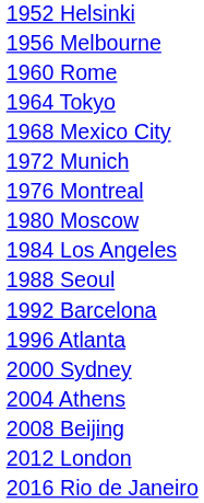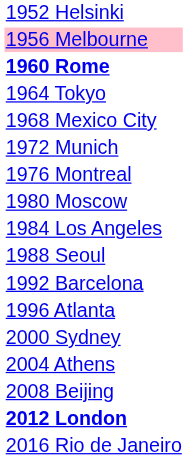 <table>
 <tr valign="top">
 <td><a href='#'>1952 Helsinki</a><br></td>
 <td></td>
 <td></td>
 <td><br></td>
 </tr>
 <tr valign="top">
-<td><a href='#'>1956 Melbourne</a><br></td>
+<td style="background: pink;"><a href='#'>1956 Melbourne</a><br></td>
 <td></td>
 <td></td>
 <td><br></td>
 </tr>
 <tr valign="top">
-<td><a href='#'>1960 Rome</a><br></td>
+<td><strong><a href='#'>1960 Rome</a><br></strong></td>
 <td></td>
 <td></td>
 <td><br></td>
 </tr>
 <tr valign="top">
 <td><a href='#'>1964 Tokyo</a><br></td>
 <td></td>
 <td></td>
 <td><br></td>
 </tr>
 <tr valign="top">
 <td><a href='#'>1968 Mexico City</a><br></td>
 <td></td>
 <td></td>
 <td><br></td>
 </tr>
 <tr valign="top">
 <td><a href='#'>1972 Munich</a><br></td>
 <td></td>
 <td></td>
 <td><br></td>
 </tr>
 <tr valign="top">
 <td><a href='#'>1976 Montreal</a><br></td>
 <td></td>
 <td></td>
 <td><br></td>
 </tr>
 <tr valign="top">
 <td><a href='#'>1980 Moscow</a><br></td>
 <td></td>
 <td></td>
 <td><br></td>
 </tr>
 <tr valign="top">
 <td><a href='#'>1984 Los Angeles</a><br></td>
 <td></td>
 <td></td>
 <td><br></td>
 </tr>
 <tr valign="top">
 <td><a href='#'>1988 Seoul</a><br></td>
 <td></td>
 <td></td>
 <td><br></td>
 </tr>
 <tr valign="top">
 <td><a href='#'>1992 Barcelona</a><br></td>
 <td></td>
 <td></td>
 <td><br></td>
 </tr>
 <tr valign="top">
 <td><a href='#'>1996 Atlanta</a><br></td>
 <td></td>
 <td></td>
 <td><br></td>
 </tr>
 <tr valign="top">
 <td><a href='#'>2000 Sydney</a><br></td>
 <td></td>
 <td></td>
 <td><br></td>
 </tr>
 <tr valign="top">
 <td><a href='#'>2004 Athens</a><br></td>
 <td></td>
 <td></td>
 <td><br></td>
 </tr>
 <tr valign="top">
 <td><a href='#'>2008 Beijing</a><br></td>
 <td></td>
 <td></td>
 <td><br></td>
 </tr>
 <tr valign="top">
-<td><a href='#'>2012 London</a><br></td>
+<td><strong><a href='#'>2012 London</a><br></strong></td>
 <td></td>
 <td></td>
 <td><br> </td>
 </tr>
 <tr valign="top">
 <td><a href='#'>2016 Rio de Janeiro</a><br></td>
 <td></td>
 <td></td>
 <td><br></td>
 </tr>
 </table>
